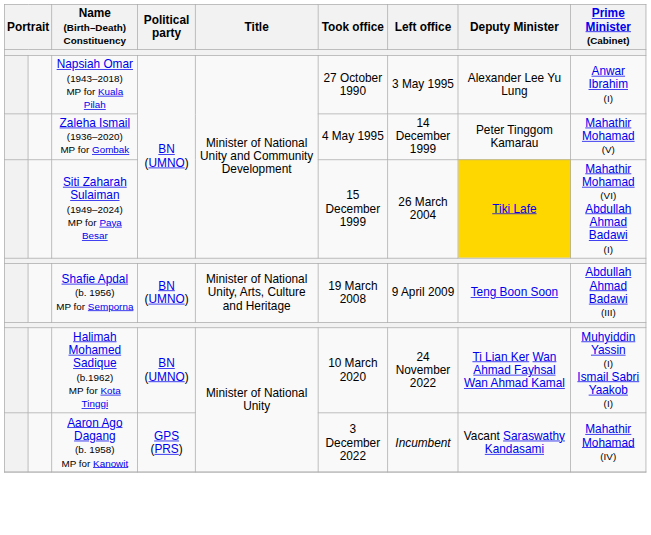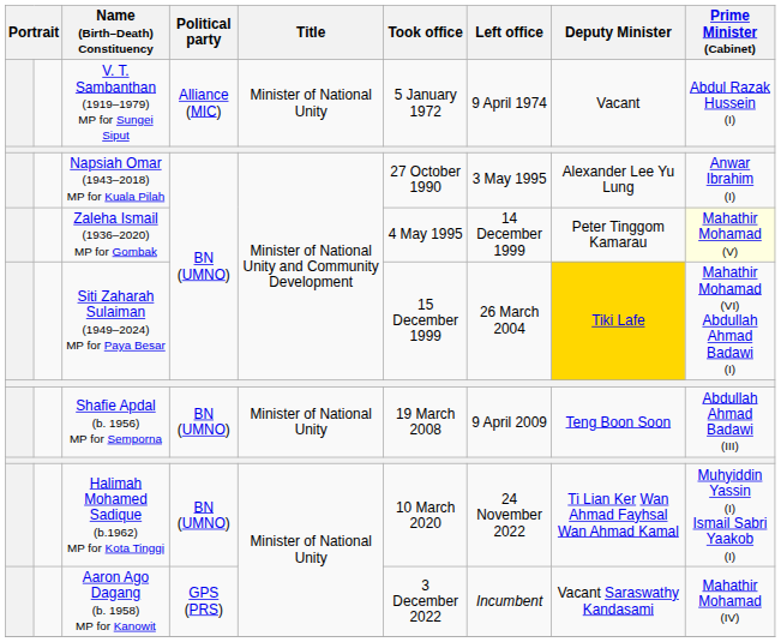 <table class="wikitable" style="text-align:center;">
 <tr>
 <th colspan=2>Portrait</th>
 <th>Name<br><small>(Birth–Death)<br>Constituency</small></th>
 <th>Political party</th>
 <th>Title</th>
 <th>Took office</th>
 <th>Left office</th>
 <th>Deputy Minister</th>
 <th><a href='#'>Prime Minister</a><br><small>(Cabinet)</small></th>
+</tr>
+<tr>
+<th style="background:"></th>
+<td></td>
+<td><a href='#'>V. T. Sambanthan</a><br><small>(1919–1979)<br>MP for <a href='#'>Sungei Siput</a></small></td>
+<td><a href='#'>Alliance</a> (<a href='#'>MIC</a>)</td>
+<td>Minister of National Unity</td>
+<td>5 January 1972</td>
+<td>9 April 1974</td>
+<td>Vacant</td>
+<td><a href='#'>Abdul Razak Hussein</a><br><small>(I)</small></td>
 </tr>
 <tr>
 <th colspan="9" bgcolor="cccccc"></th>
 </tr>
 <tr>
 <th style="background:"></th>
 <td></td>
 <td><a href='#'>Napsiah Omar</a><br><small>(1943–2018)<br>MP for <a href='#'>Kuala Pilah</a></small></td>
 <td rowspan=3><a href='#'>BN</a> (<a href='#'>UMNO</a>)</td>
 <td rowspan=3>Minister of National Unity and Community Development</td>
 <td>27 October 1990</td>
 <td>3 May 1995</td>
 <td>Alexander Lee Yu Lung</td>
 <td><a href='#'>Anwar Ibrahim</a><br><small>(I)</small></td>
 </tr>
 <tr>
 <th style="background:"></th>
 <td></td>
 <td><a href='#'>Zaleha Ismail</a><br><small>(1936–2020)<br>MP for <a href='#'>Gombak</a></small></td>
 <td>4 May 1995</td>
 <td>14 December 1999</td>
 <td>Peter Tinggom Kamarau</td>
-<td><a href='#'>Mahathir Mohamad</a><br><small>(V)</small></td>
+<td style="background: lightyellow;"><a href='#'>Mahathir Mohamad</a><br><small>(V)</small></td>
 </tr>
 <tr>
 <th style="background:"></th>
 <td></td>
 <td><a href='#'>Siti Zaharah Sulaiman</a><br><small>(1949–2024)<br>MP for <a href='#'>Paya Besar</a></small></td>
 <td>15 December 1999</td>
 <td>26 March 2004</td>
 <td style="background: gold;"><a href='#'>Tiki Lafe</a></td>
 <td><a href='#'>Mahathir Mohamad</a><br><small>(VI)</small><br><a href='#'>Abdullah Ahmad Badawi</a><br><small>(I)</small></td>
 </tr>
 <tr>
 <th colspan="9" bgcolor="cccccc"></th>
 </tr>
 <tr>
 <th style="background:"></th>
 <td></td>
 <td><a href='#'>Shafie Apdal</a><br><small>(b. 1956)<br>MP for <a href='#'>Semporna</a></small></td>
 <td><a href='#'>BN</a> (<a href='#'>UMNO</a>)</td>
-<td>Minister of National Unity, Arts, Culture and Heritage</td>
+<td>Minister of National Unity</td>
 <td>19 March 2008</td>
 <td>9 April 2009</td>
 <td><a href='#'>Teng Boon Soon</a></td>
 <td><a href='#'>Abdullah Ahmad Badawi</a><br><small>(III)</small></td>
 </tr>
 <tr>
 <th colspan="9" bgcolor="cccccc"></th>
 </tr>
 <tr>
 <th style="background:"></th>
 <td></td>
 <td><a href='#'>Halimah Mohamed Sadique</a><br><small>(b.1962)<br>MP for <a href='#'>Kota Tinggi</a></small></td>
 <td><a href='#'>BN</a> (<a href='#'>UMNO</a>)</td>
 <td rowspan=2>Minister of National Unity</td>
 <td>10 March 2020</td>
 <td>24 November 2022</td>
 <td><a href='#'>Ti Lian Ker</a>  <a href='#'>Wan Ahmad Fayhsal Wan Ahmad Kamal</a> </td>
 <td><a href='#'>Muhyiddin Yassin</a><br><small>(I)</small><br><a href='#'>Ismail Sabri Yaakob</a><br><small>(I)</small></td>
 </tr>
 <tr>
 <th style="background:"></th>
 <td></td>
 <td><a href='#'>Aaron Ago Dagang</a><br><small>(b. 1958)<br>MP for <a href='#'>Kanowit</a></small></td>
 <td><a href='#'>GPS</a> (<a href='#'>PRS</a>)</td>
 <td>3 December 2022</td>
 <td><em>Incumbent</em></td>
 <td>Vacant  <a href='#'>Saraswathy Kandasami</a> </td>
 <td><a href='#'>Mahathir Mohamad</a><br><small>(IV)</small></td>
 </tr>
 <tr>
 </tr>
 </table>
